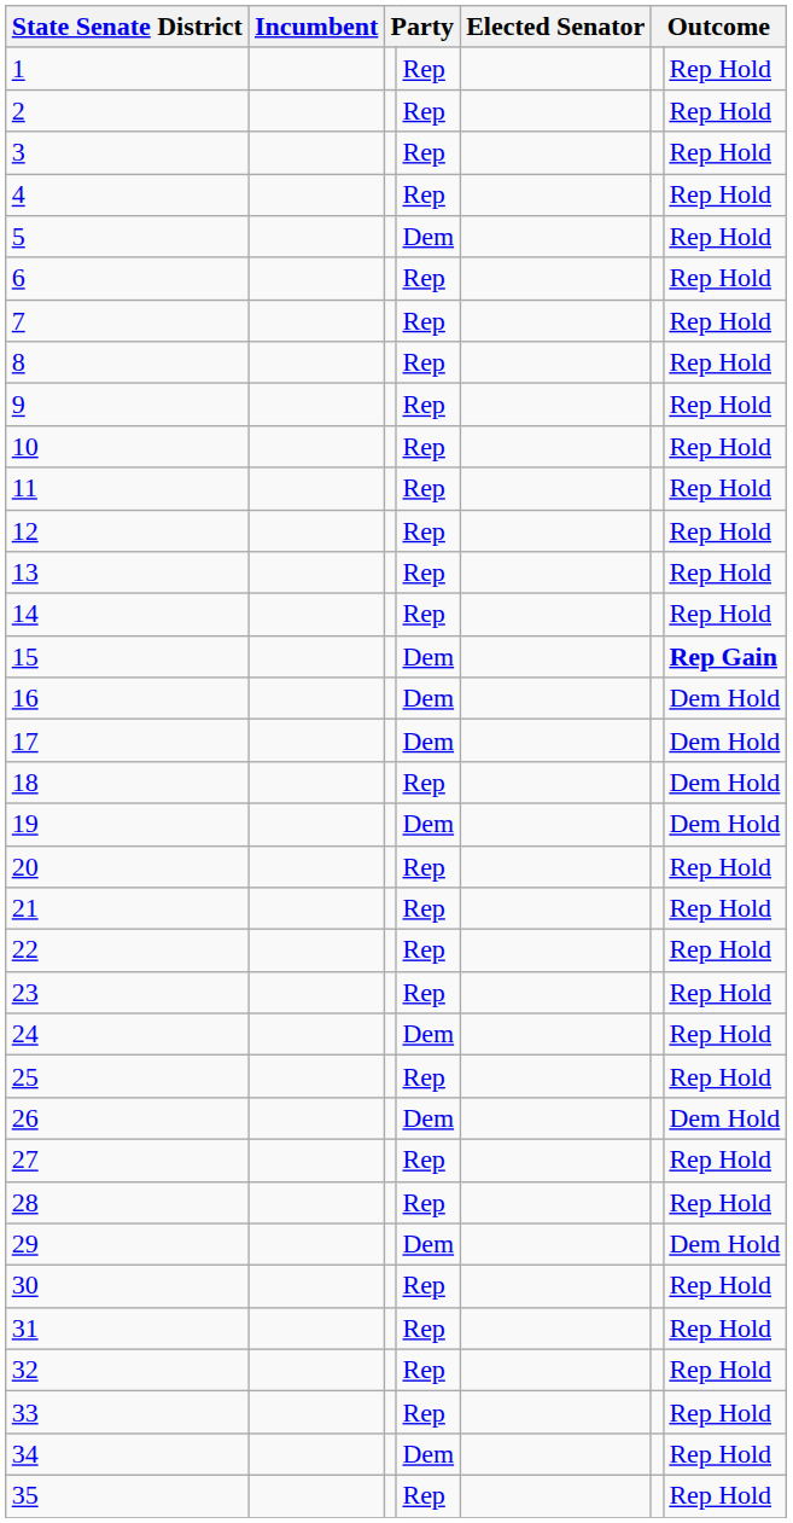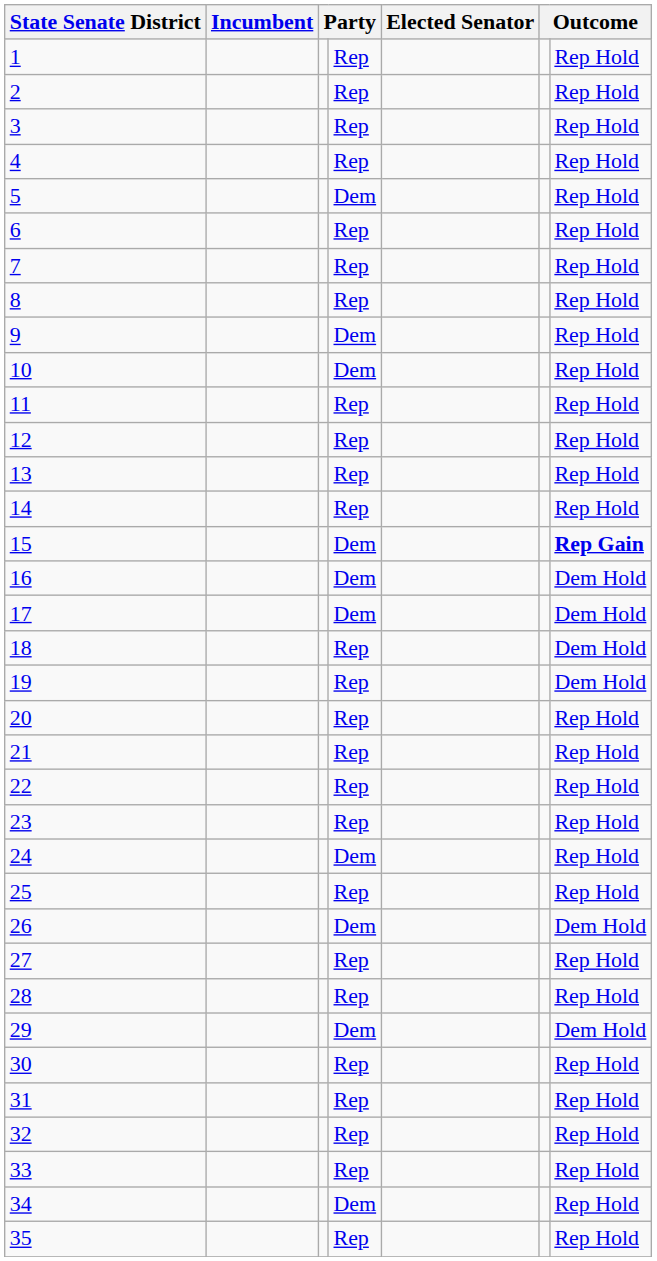 <table class="wikitable sortable">
 <tr>
 <th><a href='#'>State Senate</a> District</th>
 <th><a href='#'>Incumbent</a></th>
 <th colspan="2">Party</th>
 <th>Elected Senator</th>
 <th colspan="2">Outcome</th>
 </tr>
 <tr>
 <td><a href='#'>1</a></td>
 <td></td>
 <td style="background:"></td>
 <td><a href='#'>Rep</a></td>
 <td><em></em></td>
 <td style="background:"></td>
 <td><a href='#'>Rep Hold</a></td>
 </tr>
 <tr>
 <td><a href='#'>2</a></td>
 <td></td>
 <td style="background:"></td>
 <td><a href='#'>Rep</a></td>
 <td></td>
 <td style="background:"></td>
 <td><a href='#'>Rep Hold</a></td>
 </tr>
 <tr>
 <td><a href='#'>3</a></td>
 <td></td>
 <td style="background:"></td>
 <td><a href='#'>Rep</a></td>
 <td></td>
 <td style="background:"></td>
 <td><a href='#'>Rep Hold</a></td>
 </tr>
 <tr>
 <td><a href='#'>4</a></td>
 <td></td>
 <td style="background:"></td>
 <td><a href='#'>Rep</a></td>
 <td></td>
 <td style="background:"></td>
 <td><a href='#'>Rep Hold</a></td>
 </tr>
 <tr>
 <td><a href='#'>5</a></td>
 <td></td>
 <td style="background:"></td>
 <td><a href='#'>Dem</a></td>
 <td></td>
 <td style="background:"></td>
 <td><a href='#'>Rep Hold</a></td>
 </tr>
 <tr>
 <td><a href='#'>6</a></td>
 <td></td>
 <td style="background:"></td>
 <td><a href='#'>Rep</a></td>
 <td></td>
 <td style="background:"></td>
 <td><a href='#'>Rep Hold</a></td>
 </tr>
 <tr>
 <td><a href='#'>7</a></td>
 <td></td>
 <td style="background:"></td>
 <td><a href='#'>Rep</a></td>
 <td></td>
 <td style="background:"></td>
 <td><a href='#'>Rep Hold</a></td>
 </tr>
 <tr>
 <td><a href='#'>8</a></td>
 <td></td>
 <td style="background:"></td>
 <td><a href='#'>Rep</a></td>
 <td><em></em></td>
 <td style="background:"></td>
 <td><a href='#'>Rep Hold</a></td>
 </tr>
 <tr>
 <td><a href='#'>9</a></td>
 <td></td>
 <td style="background:"></td>
-<td><a href='#'>Rep</a></td>
+<td><a href='#'>Dem</a></td>
 <td></td>
 <td style="background:"></td>
 <td><a href='#'>Rep Hold</a></td>
 </tr>
 <tr>
 <td><a href='#'>10</a></td>
 <td></td>
 <td style="background:"></td>
-<td><a href='#'>Rep</a></td>
+<td><a href='#'>Dem</a></td>
 <td></td>
 <td style="background:"></td>
 <td><a href='#'>Rep Hold</a></td>
 </tr>
 <tr>
 <td><a href='#'>11</a></td>
 <td></td>
 <td style="background:"></td>
 <td><a href='#'>Rep</a></td>
 <td><em></em></td>
 <td style="background:"></td>
 <td><a href='#'>Rep Hold</a></td>
 </tr>
 <tr>
 <td><a href='#'>12</a></td>
 <td></td>
 <td style="background:"></td>
 <td><a href='#'>Rep</a></td>
 <td></td>
 <td style="background:"></td>
 <td><a href='#'>Rep Hold</a></td>
 </tr>
 <tr>
 <td><a href='#'>13</a></td>
 <td></td>
 <td style="background:"></td>
 <td><a href='#'>Rep</a></td>
 <td></td>
 <td style="background:"></td>
 <td><a href='#'>Rep Hold</a></td>
 </tr>
 <tr>
 <td><a href='#'>14</a></td>
 <td></td>
 <td style="background:"></td>
 <td><a href='#'>Rep</a></td>
 <td></td>
 <td style="background:"></td>
 <td><a href='#'>Rep Hold</a></td>
 </tr>
 <tr>
 <td><a href='#'>15</a></td>
 <td></td>
 <td style="background:"></td>
 <td><a href='#'>Dem</a></td>
 <td><strong></strong></td>
 <td style="background:"></td>
 <td><strong><a href='#'>Rep Gain</a></strong></td>
 </tr>
 <tr>
 <td><a href='#'>16</a></td>
 <td></td>
 <td style="background:"></td>
 <td><a href='#'>Dem</a></td>
 <td></td>
 <td style="background:"></td>
 <td><a href='#'>Dem Hold</a></td>
 </tr>
 <tr>
 <td><a href='#'>17</a></td>
 <td></td>
 <td style="background:"></td>
 <td><a href='#'>Dem</a></td>
 <td></td>
 <td style="background:"></td>
 <td><a href='#'>Dem Hold</a></td>
 </tr>
 <tr>
 <td><a href='#'>18</a></td>
 <td></td>
 <td style="background:"></td>
 <td><a href='#'>Rep</a></td>
 <td></td>
 <td style="background:"></td>
 <td><a href='#'>Dem Hold</a></td>
 </tr>
 <tr>
 <td><a href='#'>19</a></td>
 <td></td>
 <td style="background:"></td>
-<td><a href='#'>Dem</a></td>
+<td><a href='#'>Rep</a></td>
 <td></td>
 <td style="background:"></td>
 <td><a href='#'>Dem Hold</a></td>
 </tr>
 <tr>
 <td><a href='#'>20</a></td>
 <td></td>
 <td style="background:"></td>
 <td><a href='#'>Rep</a></td>
 <td><em></em></td>
 <td style="background:"></td>
 <td><a href='#'>Rep Hold</a></td>
 </tr>
 <tr>
 <td><a href='#'>21</a></td>
 <td></td>
 <td style="background:"></td>
 <td><a href='#'>Rep</a></td>
 <td></td>
 <td style="background:"></td>
 <td><a href='#'>Rep Hold</a></td>
 </tr>
 <tr>
 <td><a href='#'>22</a></td>
 <td></td>
 <td style="background:"></td>
 <td><a href='#'>Rep</a></td>
 <td></td>
 <td style="background:"></td>
 <td><a href='#'>Rep Hold</a></td>
 </tr>
 <tr>
 <td><a href='#'>23</a></td>
 <td></td>
 <td style="background:"></td>
 <td><a href='#'>Rep</a></td>
 <td></td>
 <td style="background:"></td>
 <td><a href='#'>Rep Hold</a></td>
 </tr>
 <tr>
 <td><a href='#'>24</a></td>
 <td></td>
 <td style="background:"></td>
 <td><a href='#'>Dem</a></td>
 <td></td>
 <td style="background:"></td>
 <td><a href='#'>Rep Hold</a></td>
 </tr>
 <tr>
 <td><a href='#'>25</a></td>
 <td></td>
 <td style="background:"></td>
 <td><a href='#'>Rep</a></td>
 <td><em></em></td>
 <td style="background:"></td>
 <td><a href='#'>Rep Hold</a></td>
 </tr>
 <tr>
 <td><a href='#'>26</a></td>
 <td></td>
 <td style="background:"></td>
 <td><a href='#'>Dem</a></td>
 <td></td>
 <td style="background:"></td>
 <td><a href='#'>Dem Hold</a></td>
 </tr>
 <tr>
 <td><a href='#'>27</a></td>
 <td></td>
 <td style="background:"></td>
 <td><a href='#'>Rep</a></td>
 <td></td>
 <td style="background:"></td>
 <td><a href='#'>Rep Hold</a></td>
 </tr>
 <tr>
 <td><a href='#'>28</a></td>
 <td></td>
 <td style="background:"></td>
 <td><a href='#'>Rep</a></td>
 <td></td>
 <td style="background:"></td>
 <td><a href='#'>Rep Hold</a></td>
 </tr>
 <tr>
 <td><a href='#'>29</a></td>
 <td></td>
 <td style="background:"></td>
 <td><a href='#'>Dem</a></td>
 <td></td>
 <td style="background:"></td>
 <td><a href='#'>Dem Hold</a></td>
 </tr>
 <tr>
 <td><a href='#'>30</a></td>
 <td></td>
 <td style="background:"></td>
 <td><a href='#'>Rep</a></td>
 <td></td>
 <td style="background:"></td>
 <td><a href='#'>Rep Hold</a></td>
 </tr>
 <tr>
 <td><a href='#'>31</a></td>
 <td></td>
 <td style="background:"></td>
 <td><a href='#'>Rep</a></td>
 <td></td>
 <td style="background:"></td>
 <td><a href='#'>Rep Hold</a></td>
 </tr>
 <tr>
 <td><a href='#'>32</a></td>
 <td></td>
 <td style="background:"></td>
 <td><a href='#'>Rep</a></td>
 <td></td>
 <td style="background:"></td>
 <td><a href='#'>Rep Hold</a></td>
 </tr>
 <tr>
 <td><a href='#'>33</a></td>
 <td></td>
 <td style="background:"></td>
 <td><a href='#'>Rep</a></td>
 <td></td>
 <td style="background:"></td>
 <td><a href='#'>Rep Hold</a></td>
 </tr>
 <tr>
 <td><a href='#'>34</a></td>
 <td></td>
 <td style="background:"></td>
 <td><a href='#'>Dem</a></td>
 <td></td>
 <td style="background:"></td>
 <td><a href='#'>Rep Hold</a></td>
 </tr>
 <tr>
 <td><a href='#'>35</a></td>
 <td></td>
 <td style="background:"></td>
 <td><a href='#'>Rep</a></td>
 <td></td>
 <td style="background:"></td>
 <td><a href='#'>Rep Hold</a></td>
 </tr>
 </table>
